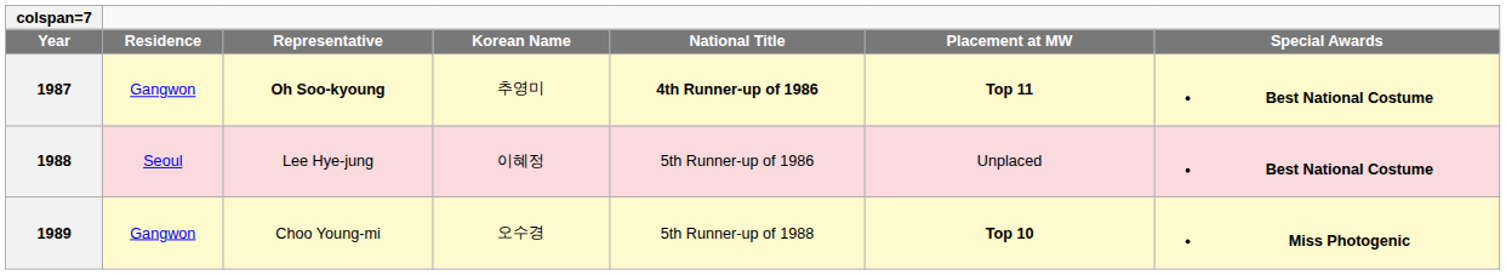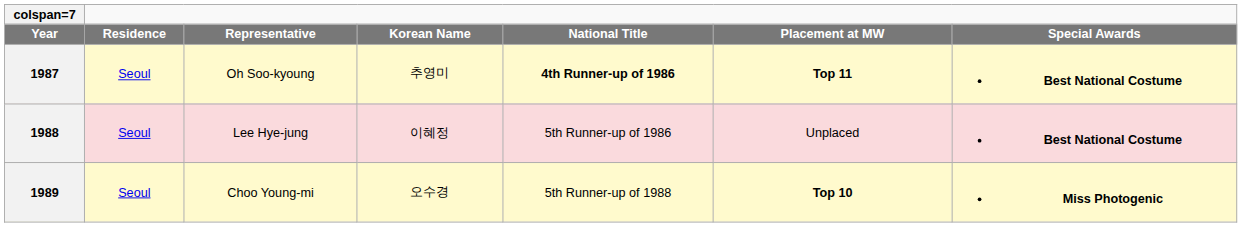 <table class="wikitable sortable" style="font-size: 85%; text-align:center">
 <tr>
 <th>colspan=7 </th>
 </tr>
 <tr>
 <th width="80" style="background-color:#787878;color:#FFFFFF;">Year</th>
 <th width="100" style="background-color:#787878;color:#FFFFFF;">Residence</th>
 <th width="180" style="background-color:#787878;color:#FFFFFF;">Representative</th>
 <th width="150" style="background-color:#787878;color:#FFFFFF;">Korean Name</th>
 <th width="220" style="background-color:#787878;color:#FFFFFF;">National Title</th>
 <th width="250" style="background-color:#787878;color:#FFFFFF;">Placement at MW</th>
 <th width="300" style="background-color:#787878;color:#FFFFFF;">Special Awards</th>
 </tr>
 <tr style="background-color:#FFFACD; ">
 <th>1987</th>
-<td><a href='#'>Gangwon</a></td>
-<td><strong>Oh Soo-kyoung</strong></td>
+<td><a href='#'>Seoul</a></td>
+<td>Oh Soo-kyoung</td>
 <td>추영미</td>
 <td><strong>4th Runner-up of 1986</strong></td>
 <td><strong>Top 11</strong></td>
 <td><br><ul><li><strong>Best National Costume</strong></li></ul></td>
 </tr>
 <tr style="background-color:#FADADD;: bold">
 <th>1988</th>
 <td><a href='#'>Seoul</a></td>
 <td>Lee Hye-jung</td>
 <td>이혜정</td>
 <td>5th Runner-up of 1986</td>
 <td>Unplaced</td>
 <td><br><ul><li><strong>Best National Costume</strong></li></ul></td>
 </tr>
 <tr style="background-color:#FFFACD; ">
 <th>1989</th>
-<td><a href='#'>Gangwon</a></td>
+<td><a href='#'>Seoul</a></td>
 <td>Choo Young-mi</td>
 <td>오수경</td>
 <td>5th Runner-up of 1988</td>
 <td><strong>Top 10</strong></td>
 <td><br><ul><li><strong>Miss Photogenic</strong></li></ul></td>
 </tr>
 </table>
